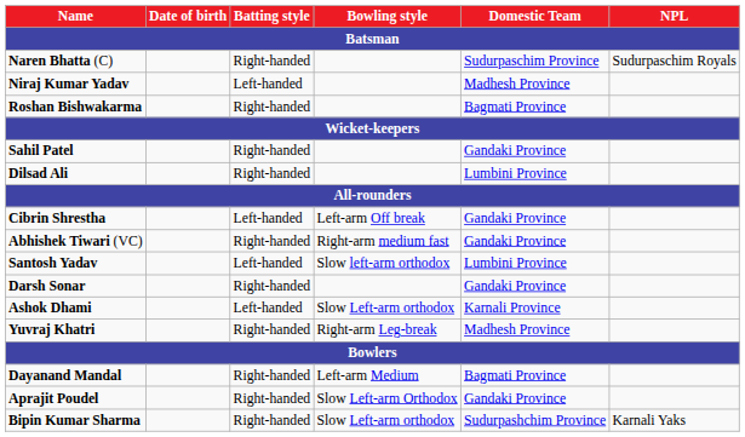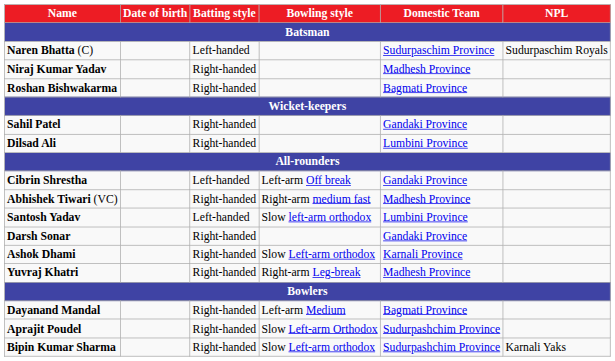 <table class="wikitable" fontsize="90%">
 <tr>
 <th style="text-align:center; background:#ED1C24; color:#ffffff;">Name</th>
 <th style="text-align:center; background:#ED1C24; color:#FFFFFF;">Date of birth</th>
 <th style="text-align:center; background:#ED1C24; color:#ffffff;">Batting style</th>
 <th style="text-align:center; background:#ED1C24; color:#ffffff;">Bowling style</th>
 <th style="text-align:center; background:#ED1C24; color:#ffffff;Ffffff">Domestic Team</th>
 <th style="text-align:center; background:#ED1C24;color:#ffffff;Ffffff">NPL</th>
 </tr>
 <tr>
 <th colspan="8" style="text-align:center; background:#3F43A4; color:#Ffffff ;   ">Batsman</th>
 </tr>
 <tr>
 <td><strong>Naren Bhatta</strong> (C)</td>
 <td></td>
-<td>Right-handed</td>
+<td>Left-handed</td>
 <td></td>
 <td><a href='#'>Sudurpaschim Province</a></td>
 <td>Sudurpaschim Royals</td>
 </tr>
 <tr>
 <td><strong>Niraj Kumar Yadav</strong></td>
 <td></td>
-<td>Left-handed</td>
+<td>Right-handed</td>
 <td></td>
 <td><a href='#'>Madhesh Province</a></td>
 <td></td>
 </tr>
 <tr>
 <td><strong>Roshan Bishwakarma</strong></td>
 <td></td>
 <td>Right-handed</td>
 <td></td>
 <td><a href='#'>Bagmati Province</a></td>
 <td></td>
 </tr>
 <tr>
 <th colspan="8" style="text-align:center; background:#3F43A4; color:#Ffffff ;   " !>Wicket-keepers</th>
 </tr>
 <tr>
 <td><strong>Sahil Patel</strong></td>
 <td></td>
 <td>Right-handed</td>
 <td></td>
 <td><a href='#'>Gandaki Province</a></td>
 <td></td>
 </tr>
 <tr>
 <td><strong>Dilsad Ali</strong></td>
 <td></td>
 <td>Right-handed</td>
 <td></td>
 <td><a href='#'>Lumbini Province</a></td>
 <td></td>
 </tr>
 <tr>
 <th colspan="8" style="text-align:center; background:#3F43A4; color:  #Ffffff; ">All-rounders</th>
 </tr>
 <tr>
 <td><strong>Cibrin Shrestha</strong></td>
 <td></td>
 <td>Left-handed</td>
 <td>Left-arm <a href='#'>Off break</a></td>
 <td><a href='#'>Gandaki Province</a></td>
 <td></td>
 </tr>
 <tr>
 <td><strong>Abhishek Tiwari</strong> (VC)</td>
 <td></td>
 <td>Right-handed</td>
 <td>Right-arm <a href='#'>medium fast</a></td>
-<td><a href='#'>Gandaki Province</a></td>
+<td><a href='#'>Madhesh Province</a></td>
 <td></td>
 </tr>
 <tr>
 <td><strong>Santosh Yadav</strong></td>
 <td></td>
 <td>Left-handed</td>
 <td>Slow <a href='#'>left-arm orthodox</a></td>
 <td><a href='#'>Lumbini Province</a></td>
 <td></td>
 </tr>
 <tr>
 <td><strong>Darsh Sonar</strong></td>
 <td></td>
 <td>Right-handed</td>
 <td></td>
 <td><a href='#'>Gandaki Province</a></td>
 <td></td>
 </tr>
 <tr>
 <td><strong>Ashok Dhami</strong></td>
 <td></td>
-<td>Left-handed</td>
+<td>Right-handed</td>
 <td>Slow <a href='#'>Left-arm orthodox</a></td>
 <td><a href='#'>Karnali Province</a></td>
 <td></td>
 </tr>
 <tr>
 <td><strong>Yuvraj Khatri</strong></td>
 <td></td>
 <td>Right-handed</td>
 <td>Right-arm <a href='#'>Leg-break</a></td>
 <td><a href='#'>Madhesh Province</a></td>
 <td></td>
 </tr>
 <tr>
 <th colspan="8" style="text-align:center; background:#3F43A4; color:#Ffffff ;   ">Bowlers</th>
 </tr>
 <tr>
 <td><strong>Dayanand Mandal</strong></td>
 <td></td>
 <td>Right-handed</td>
 <td>Left-arm <a href='#'>Medium</a></td>
 <td><a href='#'>Bagmati Province</a></td>
 <td></td>
 </tr>
 <tr>
 <td><strong>Aprajit Poudel</strong></td>
 <td></td>
 <td>Right-handed</td>
 <td>Slow <a href='#'>Left-arm Orthodox</a></td>
-<td><a href='#'>Gandaki Province</a></td>
+<td><a href='#'>Sudurpashchim Province</a></td>
 <td></td>
 </tr>
 <tr>
 <td><strong>Bipin Kumar Sharma</strong></td>
 <td></td>
 <td>Right-handed</td>
 <td>Slow <a href='#'>Left-arm orthodox</a></td>
 <td><a href='#'>Sudurpashchim Province</a></td>
 <td>Karnali Yaks</td>
 </tr>
 </table>
